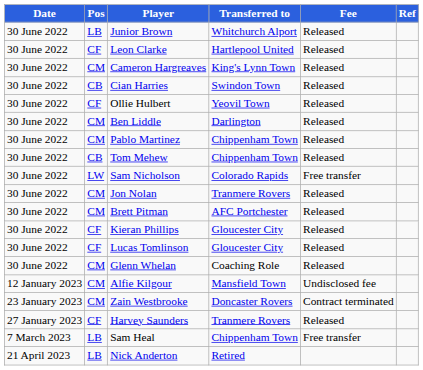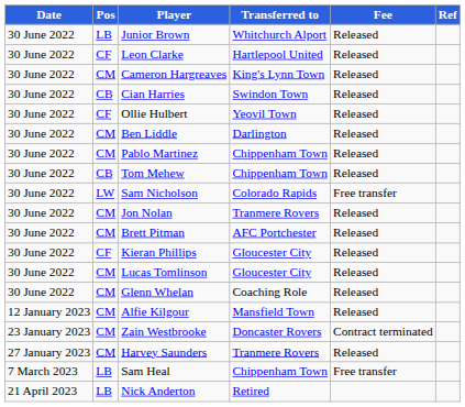 <table class="wikitable plainrowheaders sortable">
 <tr>
 <th style="background:#2B60DE; color:#FFFFFF; ">Date</th>
 <th style="background:#2B60DE; color:#FFFFFF; ">Pos</th>
 <th style="background:#2B60DE; color:#FFFFFF; ">Player</th>
 <th style="background:#2B60DE; color:#FFFFFF; ">Transferred to</th>
 <th style="background:#2B60DE; color:#FFFFFF; ">Fee</th>
 <th style="background:#2B60DE; color:#FFFFFF; ">Ref</th>
 </tr>
 <tr>
 <td>30 June 2022</td>
 <td><a href='#'>LB</a></td>
 <td> <a href='#'>Junior Brown</a></td>
 <td> <a href='#'>Whitchurch Alport</a></td>
 <td>Released</td>
 <td></td>
 </tr>
 <tr>
 <td>30 June 2022</td>
 <td><a href='#'>CF</a></td>
 <td> <a href='#'>Leon Clarke</a></td>
 <td> <a href='#'>Hartlepool United</a></td>
 <td>Released</td>
 <td></td>
 </tr>
 <tr>
 <td>30 June 2022</td>
 <td><a href='#'>CM</a></td>
 <td> <a href='#'>Cameron Hargreaves</a></td>
 <td> <a href='#'>King's Lynn Town</a></td>
 <td>Released</td>
 <td></td>
 </tr>
 <tr>
 <td>30 June 2022</td>
 <td><a href='#'>CB</a></td>
 <td> <a href='#'>Cian Harries</a></td>
 <td> <a href='#'>Swindon Town</a></td>
 <td>Released</td>
 <td></td>
 </tr>
 <tr>
 <td>30 June 2022</td>
 <td><a href='#'>CF</a></td>
 <td> Ollie Hulbert</td>
 <td> <a href='#'>Yeovil Town</a></td>
 <td>Released</td>
 <td></td>
 </tr>
 <tr>
 <td>30 June 2022</td>
 <td><a href='#'>CM</a></td>
 <td> <a href='#'>Ben Liddle</a></td>
 <td> <a href='#'>Darlington</a></td>
 <td>Released</td>
 <td></td>
 </tr>
 <tr>
 <td>30 June 2022</td>
 <td><a href='#'>CM</a></td>
 <td> <a href='#'>Pablo Martinez</a></td>
 <td> <a href='#'>Chippenham Town</a></td>
 <td>Released</td>
 <td></td>
 </tr>
 <tr>
 <td>30 June 2022</td>
 <td><a href='#'>CB</a></td>
 <td> <a href='#'>Tom Mehew</a></td>
 <td> <a href='#'>Chippenham Town</a></td>
 <td>Released</td>
 <td></td>
 </tr>
 <tr>
 <td>30 June 2022</td>
 <td><a href='#'>LW</a></td>
 <td> <a href='#'>Sam Nicholson</a></td>
 <td> <a href='#'>Colorado Rapids</a></td>
 <td>Free transfer</td>
 <td></td>
 </tr>
 <tr>
 <td>30 June 2022</td>
 <td><a href='#'>CM</a></td>
 <td> <a href='#'>Jon Nolan</a></td>
 <td> <a href='#'>Tranmere Rovers</a></td>
 <td>Released</td>
 <td></td>
 </tr>
 <tr>
 <td>30 June 2022</td>
 <td><a href='#'>CM</a></td>
 <td> <a href='#'>Brett Pitman</a></td>
 <td> <a href='#'>AFC Portchester</a></td>
 <td>Released</td>
 <td></td>
 </tr>
 <tr>
 <td>30 June 2022</td>
 <td><a href='#'>CF</a></td>
 <td> <a href='#'>Kieran Phillips</a></td>
 <td> <a href='#'>Gloucester City</a></td>
 <td>Released</td>
 <td></td>
 </tr>
 <tr>
 <td>30 June 2022</td>
-<td><a href='#'>CF</a></td>
+<td><a href='#'>CM</a></td>
 <td> <a href='#'>Lucas Tomlinson</a></td>
 <td> <a href='#'>Gloucester City</a></td>
 <td>Released</td>
 <td></td>
 </tr>
 <tr>
 <td>30 June 2022</td>
 <td><a href='#'>CM</a></td>
 <td> <a href='#'>Glenn Whelan</a></td>
 <td>Coaching Role</td>
 <td>Released</td>
 <td></td>
 </tr>
 <tr>
 <td>12 January 2023</td>
 <td><a href='#'>CM</a></td>
 <td> <a href='#'>Alfie Kilgour</a></td>
 <td> <a href='#'>Mansfield Town</a></td>
-<td>Undisclosed fee</td>
+<td>Released</td>
 <td></td>
 </tr>
 <tr>
 <td>23 January 2023</td>
 <td><a href='#'>CM</a></td>
 <td> <a href='#'>Zain Westbrooke</a></td>
 <td> <a href='#'>Doncaster Rovers</a></td>
 <td>Contract terminated</td>
 <td></td>
 </tr>
 <tr>
 <td>27 January 2023</td>
-<td><a href='#'>CF</a></td>
+<td><a href='#'>CM</a></td>
 <td> <a href='#'>Harvey Saunders</a></td>
 <td> <a href='#'>Tranmere Rovers</a></td>
 <td>Released</td>
 <td></td>
 </tr>
 <tr>
 <td>7 March 2023</td>
 <td><a href='#'>LB</a></td>
 <td> Sam Heal</td>
 <td> <a href='#'>Chippenham Town</a></td>
 <td>Free transfer</td>
 <td></td>
 </tr>
 <tr>
 <td>21 April 2023</td>
 <td><a href='#'>LB</a></td>
 <td> <a href='#'>Nick Anderton</a></td>
 <td> <a href='#'>Retired</a></td>
 <td></td>
 <td></td>
 </tr>
 </table>
